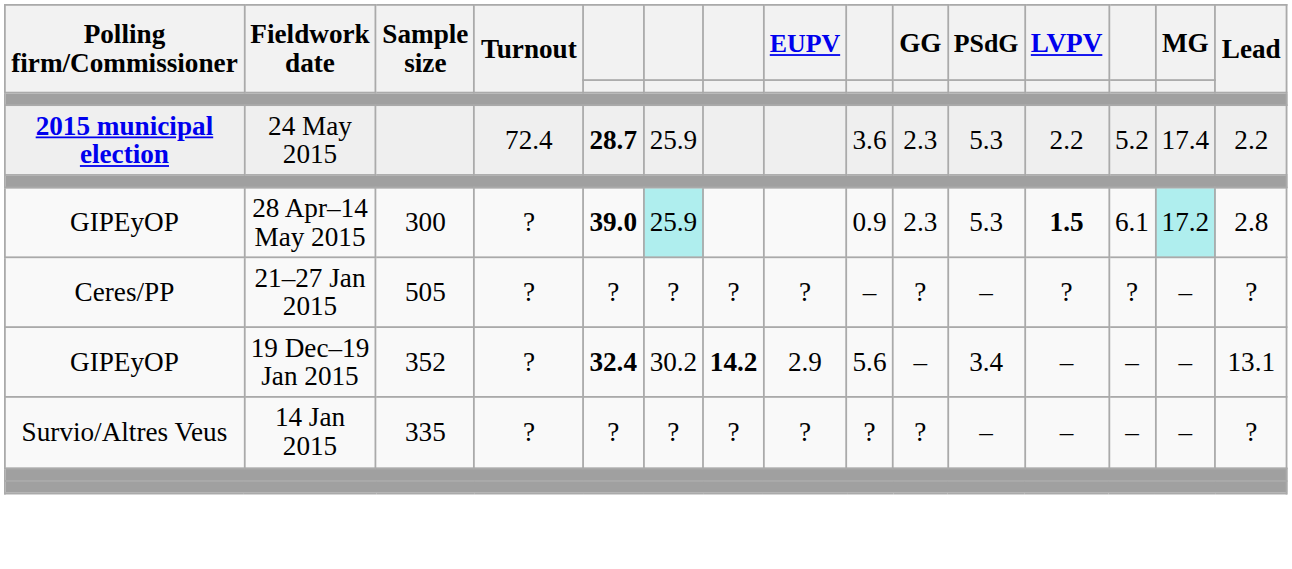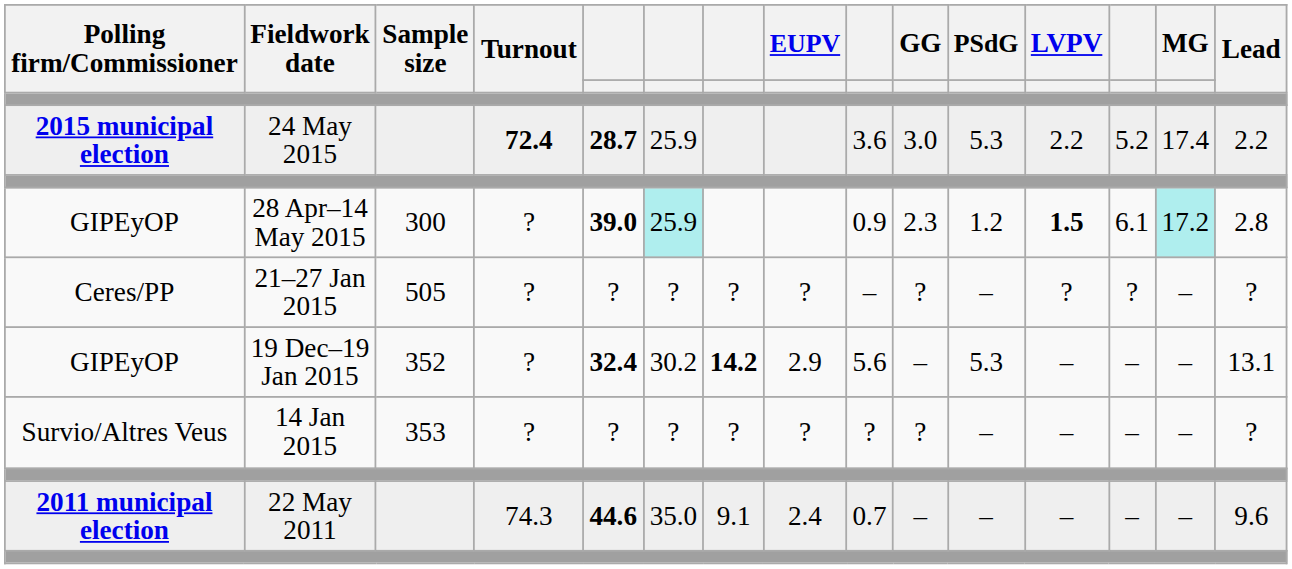 <table class="wikitable collapsible collapsed" style="text-align:center; font-size:95%; line-height:16px;">
 <tr style="height:42px;">
 <th style="width:250px;" rowspan="2">Polling firm/Commissioner</th>
 <th style="width:125px;" rowspan="2">Fieldwork date</th>
 <th style="width:50px;" rowspan="2">Sample size</th>
 <th style="width:45px;" rowspan="2">Turnout</th>
 <th style="width:35px;"></th>
 <th style="width:35px;"></th>
 <th style="width:35px;"></th>
 <th style="width:35px; font-size:95%;"><a href='#'>EUPV</a></th>
 <th style="width:35px;"></th>
 <th style="width:35px;">GG</th>
 <th style="width:35px; font-size:95%;">PSdG</th>
 <th style="width:35px;"><a href='#'>LVPV</a></th>
 <th style="width:35px;"></th>
 <th style="width:35px;">MG</th>
 <th style="width:30px;" rowspan="2">Lead</th>
 </tr>
 <tr>
 <th style="color:inherit;background:"></th>
 <th style="color:inherit;background:"></th>
 <th style="color:inherit;background:"></th>
 <th style="color:inherit;background:"></th>
 <th style="color:inherit;background:"></th>
 <th style="color:inherit;background:"></th>
 <th style="color:inherit;background:"></th>
 <th style="color:inherit;background:"></th>
 <th style="color:inherit;background:"></th>
 <th style="color:inherit;background:"></th>
 </tr>
 <tr>
 <td colspan="15" style="background:#A0A0A0"></td>
 </tr>
 <tr style="background:#EFEFEF;">
 <td><strong><a href='#'>2015 municipal election</a></strong></td>
 <td>24 May 2015</td>
 <td></td>
-<td>72.4</td>
+<td><strong>72.4</strong></td>
 <td><strong>28.7</strong><br></td>
 <td>25.9<br></td>
 <td></td>
 <td></td>
 <td>3.6<br></td>
-<td>2.3<br></td>
+<td>3.0<br></td>
 <td>5.3<br></td>
 <td>2.2<br></td>
 <td>5.2<br></td>
 <td>17.4<br></td>
 <td style="background:">2.2</td>
 </tr>
 <tr>
 <td colspan="15" style="background:#A0A0A0"></td>
 </tr>
 <tr>
 <td>GIPEyOP</td>
 <td>28 Apr–14 May 2015</td>
 <td>300</td>
 <td>?</td>
 <td><strong>39.0</strong><br></td>
 <td style="background: paleturquoise;">25.9<br></td>
 <td></td>
 <td></td>
 <td>0.9<br></td>
 <td>2.3<br></td>
-<td>5.3<br></td>
+<td>1.2<br></td>
 <td><strong>1.5<br></strong></td>
 <td>6.1<br></td>
 <td style="background: paleturquoise;">17.2<br></td>
 <td style="background:">2.8</td>
 </tr>
 <tr>
 <td>Ceres/PP</td>
 <td>21–27 Jan 2015</td>
 <td>505</td>
 <td>?</td>
 <td>?<br></td>
 <td>?<br></td>
 <td>?<br></td>
 <td>?<br></td>
 <td>–</td>
 <td>?<br></td>
 <td>–</td>
 <td>?<br></td>
 <td>?<br></td>
 <td>–</td>
 <td style="background:">?</td>
 </tr>
 <tr>
 <td>GIPEyOP</td>
 <td>19 Dec–19 Jan 2015</td>
 <td>352</td>
 <td>?</td>
 <td><strong>32.4</strong><br></td>
 <td>30.2<br></td>
 <td><strong>14.2<br></strong></td>
 <td>2.9<br></td>
 <td>5.6<br></td>
 <td>–</td>
-<td>3.4<br></td>
+<td>5.3<br></td>
 <td>–</td>
 <td>–</td>
 <td>–</td>
 <td style="background:">13.1</td>
 </tr>
 <tr>
 <td>Survio/Altres Veus</td>
 <td>14 Jan 2015</td>
-<td>335</td>
+<td>353</td>
 <td>?</td>
 <td>?<br></td>
 <td>?<br></td>
 <td>?<br></td>
 <td>?<br></td>
 <td>?<br></td>
 <td>?<br></td>
 <td>–</td>
 <td>–</td>
 <td>–</td>
 <td>–</td>
 <td style="background:">?</td>
 </tr>
 <tr>
 <td colspan="15" style="background:#A0A0A0"></td>
 </tr>
+<tr style="background:#EFEFEF;">
+<td><strong><a href='#'>2011 municipal election</a></strong></td>
+<td>22 May 2011</td>
+<td></td>
+<td>74.3</td>
+<td><strong>44.6</strong><br></td>
+<td>35.0<br></td>
+<td>9.1<br></td>
+<td>2.4<br></td>
+<td>0.7<br></td>
+<td>–</td>
+<td>–</td>
+<td>–</td>
+<td>–</td>
+<td>–</td>
+<td style="background:">9.6</td>
+</tr>
 <tr>
 <td colspan="15" style="background:#A0A0A0"></td>
 </tr>
 </table>
